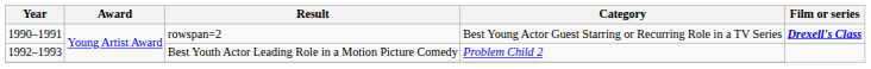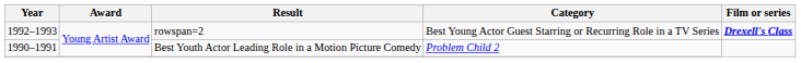 <table class="wikitable">
 <tr>
 <th>Year</th>
 <th>Award</th>
 <th>Result</th>
 <th>Category</th>
 <th>Film or series</th>
 </tr>
 <tr>
-<td>1990–1991</td>
+<td>1992–1993</td>
 <td rowspan=2><a href='#'>Young Artist Award</a></td>
 <td>rowspan=2 </td>
 <td>Best Young Actor Guest Starring or Recurring Role in a TV Series</td>
 <td><strong><em><a href='#'>Drexell's Class</a></em></strong></td>
 </tr>
 <tr>
-<td>1992–1993</td>
+<td>1990–1991</td>
 <td>Best Youth Actor Leading Role in a Motion Picture Comedy</td>
 <td><em><a href='#'>Problem Child 2</a></em></td>
 </tr>
 <tr>
 </tr>
 </table>
